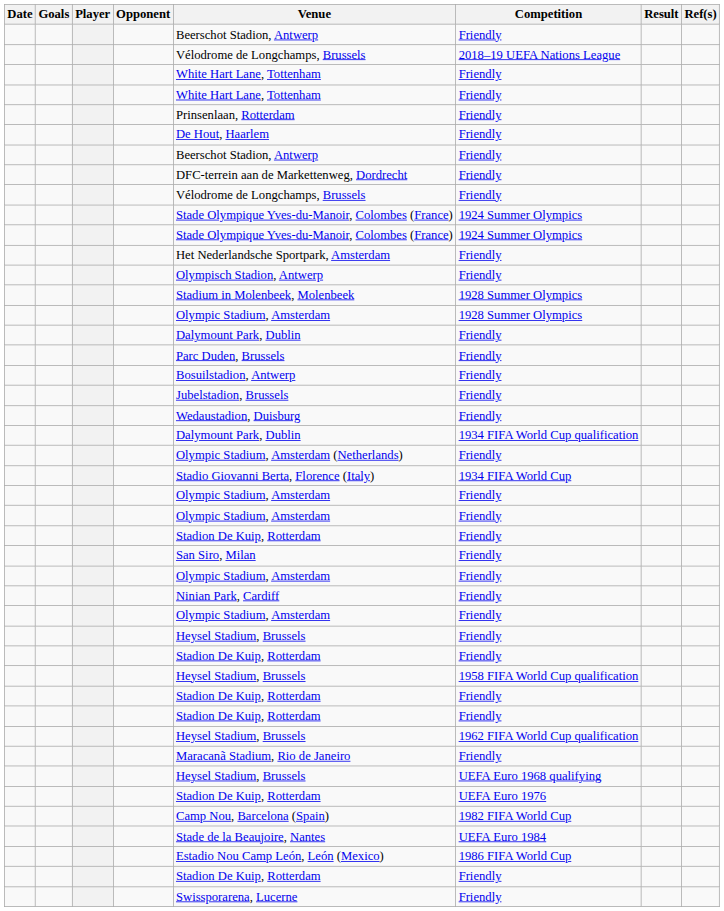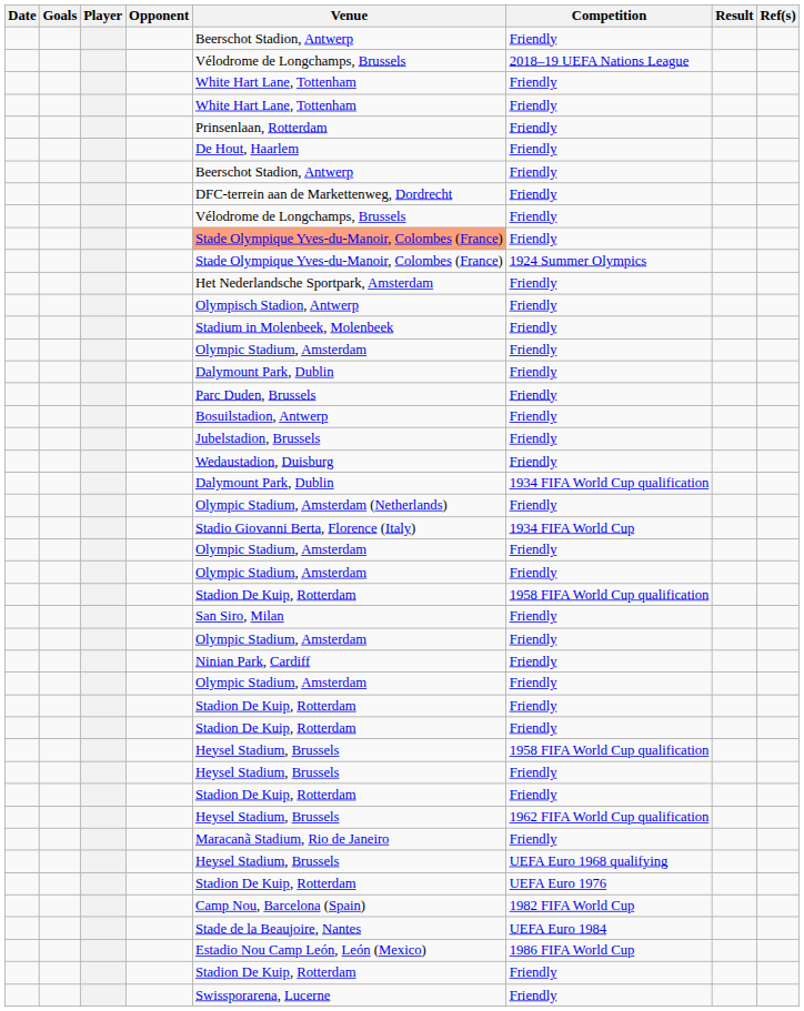 <table class="wikitable plainrowheaders sortable">
 <tr>
 <th scope="col">Date</th>
 <th scope="col">Goals</th>
 <th scope="col">Player</th>
 <th scope="col">Opponent</th>
 <th scope="col">Venue</th>
 <th scope="col">Competition</th>
 <th scope="col">Result </th>
 <th scope="col" class="unsortable">Ref(s)</th>
 </tr>
 <tr>
 <td></td>
 <td></td>
 <th scope="row"></th>
 <td></td>
 <td>Beerschot Stadion, <a href='#'>Antwerp</a></td>
 <td><a href='#'>Friendly</a></td>
 <td></td>
 <td></td>
 </tr>
 <tr>
 <td></td>
 <td></td>
 <th scope="row"></th>
 <td></td>
 <td>Vélodrome de Longchamps, <a href='#'>Brussels</a></td>
 <td><a href='#'>2018–19 UEFA Nations League</a></td>
 <td></td>
 <td></td>
 </tr>
 <tr>
 <td></td>
 <td></td>
 <th scope="row"></th>
 <td></td>
 <td><a href='#'>White Hart Lane</a>, <a href='#'>Tottenham</a></td>
 <td><a href='#'>Friendly</a></td>
 <td></td>
 <td></td>
 </tr>
 <tr>
 <td></td>
 <td></td>
 <th scope="row"></th>
 <td></td>
 <td><a href='#'>White Hart Lane</a>, <a href='#'>Tottenham</a></td>
 <td><a href='#'>Friendly</a></td>
 <td></td>
 <td></td>
 </tr>
 <tr>
 <td></td>
 <td></td>
 <th scope="row"></th>
 <td></td>
 <td>Prinsenlaan, <a href='#'>Rotterdam</a></td>
 <td><a href='#'>Friendly</a></td>
 <td></td>
 <td></td>
 </tr>
 <tr>
 <td></td>
 <td></td>
 <th scope="row"></th>
 <td></td>
 <td><a href='#'>De Hout</a>, <a href='#'>Haarlem</a></td>
 <td><a href='#'>Friendly</a></td>
 <td></td>
 <td></td>
 </tr>
 <tr>
 <td></td>
 <td></td>
 <th scope="row"></th>
 <td></td>
 <td>Beerschot Stadion, <a href='#'>Antwerp</a></td>
 <td><a href='#'>Friendly</a></td>
 <td></td>
 <td></td>
 </tr>
 <tr>
 <td></td>
 <td></td>
 <th scope="row"></th>
 <td></td>
 <td>DFC-terrein aan de Markettenweg, <a href='#'>Dordrecht</a></td>
 <td><a href='#'>Friendly</a></td>
 <td></td>
 <td></td>
 </tr>
 <tr>
 <td></td>
 <td></td>
 <th scope="row"></th>
 <td></td>
 <td>Vélodrome de Longchamps, <a href='#'>Brussels</a></td>
 <td><a href='#'>Friendly</a></td>
 <td></td>
 <td></td>
 </tr>
 <tr>
 <td></td>
 <td></td>
 <th scope="row"></th>
 <td></td>
-<td><a href='#'>Stade Olympique Yves-du-Manoir</a>, <a href='#'>Colombes</a> (<a href='#'>France</a>)</td>
-<td><a href='#'>1924 Summer Olympics</a></td>
+<td style="background: lightsalmon;"><a href='#'>Stade Olympique Yves-du-Manoir</a>, <a href='#'>Colombes</a> (<a href='#'>France</a>)</td>
+<td><a href='#'>Friendly</a></td>
 <td></td>
 <td></td>
 </tr>
 <tr>
 <td></td>
 <td></td>
 <th scope="row"></th>
 <td></td>
 <td><a href='#'>Stade Olympique Yves-du-Manoir</a>, <a href='#'>Colombes</a> (<a href='#'>France</a>)</td>
 <td><a href='#'>1924 Summer Olympics</a></td>
 <td></td>
 <td></td>
 </tr>
 <tr>
 <td></td>
 <td></td>
 <th scope="row"></th>
 <td></td>
 <td>Het Nederlandsche Sportpark, <a href='#'>Amsterdam</a></td>
 <td><a href='#'>Friendly</a></td>
 <td></td>
 <td></td>
 </tr>
 <tr>
 <td></td>
 <td></td>
 <th scope="row"></th>
 <td></td>
 <td><a href='#'>Olympisch Stadion</a>, <a href='#'>Antwerp</a></td>
 <td><a href='#'>Friendly</a></td>
 <td></td>
 <td></td>
 </tr>
 <tr>
 <td></td>
 <td></td>
 <th scope="row"></th>
 <td></td>
 <td><a href='#'>Stadium in Molenbeek</a>, <a href='#'>Molenbeek</a></td>
-<td><a href='#'>1928 Summer Olympics</a></td>
+<td><a href='#'>Friendly</a></td>
 <td></td>
 <td></td>
 </tr>
 <tr>
 <td></td>
 <td></td>
 <th scope="row"></th>
 <td></td>
 <td><a href='#'>Olympic Stadium</a>, <a href='#'>Amsterdam</a></td>
-<td><a href='#'>1928 Summer Olympics</a></td>
+<td><a href='#'>Friendly</a></td>
 <td></td>
 <td></td>
 </tr>
 <tr>
 <td></td>
 <td></td>
 <th scope="row"></th>
 <td></td>
 <td><a href='#'>Dalymount Park</a>, <a href='#'>Dublin</a></td>
 <td><a href='#'>Friendly</a></td>
 <td></td>
 <td></td>
 </tr>
 <tr>
 <td></td>
 <td></td>
 <th scope="row"></th>
 <td></td>
 <td><a href='#'>Parc Duden</a>, <a href='#'>Brussels</a></td>
 <td><a href='#'>Friendly</a></td>
 <td></td>
 <td></td>
 </tr>
 <tr>
 <td></td>
 <td></td>
 <th scope="row"></th>
 <td></td>
 <td><a href='#'>Bosuilstadion</a>, <a href='#'>Antwerp</a></td>
 <td><a href='#'>Friendly</a></td>
 <td></td>
 <td></td>
 </tr>
 <tr>
 <td></td>
 <td></td>
 <th scope="row"></th>
 <td></td>
 <td><a href='#'>Jubelstadion</a>, <a href='#'>Brussels</a></td>
 <td><a href='#'>Friendly</a></td>
 <td></td>
 <td></td>
 </tr>
 <tr>
 <td></td>
 <td></td>
 <th scope="row"></th>
 <td></td>
 <td><a href='#'>Wedaustadion</a>, <a href='#'>Duisburg</a></td>
 <td><a href='#'>Friendly</a></td>
 <td></td>
 <td></td>
 </tr>
 <tr>
 <td></td>
 <td></td>
 <th scope="row"></th>
 <td></td>
 <td><a href='#'>Dalymount Park</a>, <a href='#'>Dublin</a></td>
 <td><a href='#'>1934 FIFA World Cup qualification</a></td>
 <td></td>
 <td></td>
 </tr>
 <tr>
 <td></td>
 <td></td>
 <th scope="row"></th>
 <td></td>
 <td><a href='#'>Olympic Stadium</a>, <a href='#'>Amsterdam</a> (<a href='#'>Netherlands</a>)</td>
 <td><a href='#'>Friendly</a></td>
 <td></td>
 <td></td>
 </tr>
 <tr>
 <td></td>
 <td></td>
 <th scope="row"></th>
 <td></td>
 <td><a href='#'>Stadio Giovanni Berta</a>, <a href='#'>Florence</a> (<a href='#'>Italy</a>)</td>
 <td><a href='#'>1934 FIFA World Cup</a></td>
 <td></td>
 <td></td>
 </tr>
 <tr>
 <td></td>
 <td></td>
 <th scope="row"></th>
 <td></td>
 <td><a href='#'>Olympic Stadium</a>, <a href='#'>Amsterdam</a></td>
 <td><a href='#'>Friendly</a></td>
 <td></td>
 <td></td>
 </tr>
 <tr>
 <td></td>
 <td></td>
 <th scope="row"></th>
 <td></td>
 <td><a href='#'>Olympic Stadium</a>, <a href='#'>Amsterdam</a></td>
 <td><a href='#'>Friendly</a></td>
 <td></td>
 <td></td>
 </tr>
 <tr>
 <td></td>
 <td></td>
 <th scope="row"></th>
 <td></td>
 <td><a href='#'>Stadion De Kuip</a>, <a href='#'>Rotterdam</a></td>
-<td><a href='#'>Friendly</a></td>
+<td><a href='#'>1958 FIFA World Cup qualification</a></td>
 <td></td>
 <td></td>
 </tr>
 <tr>
 <td></td>
 <td></td>
 <th scope="row"></th>
 <td></td>
 <td><a href='#'>San Siro</a>, <a href='#'>Milan</a></td>
 <td><a href='#'>Friendly</a></td>
 <td></td>
 <td></td>
 </tr>
 <tr>
 <td></td>
 <td></td>
 <th scope="row"></th>
 <td></td>
 <td><a href='#'>Olympic Stadium</a>, <a href='#'>Amsterdam</a></td>
 <td><a href='#'>Friendly</a></td>
 <td></td>
 <td></td>
 </tr>
 <tr>
 <td></td>
 <td></td>
 <th scope="row"></th>
 <td></td>
 <td><a href='#'>Ninian Park</a>, <a href='#'>Cardiff</a></td>
 <td><a href='#'>Friendly</a></td>
 <td></td>
 <td></td>
 </tr>
 <tr>
 <td></td>
 <td></td>
 <th scope="row"></th>
 <td></td>
 <td><a href='#'>Olympic Stadium</a>, <a href='#'>Amsterdam</a></td>
 <td><a href='#'>Friendly</a></td>
 <td></td>
 <td></td>
 </tr>
 <tr>
 <td></td>
 <td></td>
 <th scope="row"></th>
 <td></td>
-<td><a href='#'>Heysel Stadium</a>, <a href='#'>Brussels</a></td>
+<td><a href='#'>Stadion De Kuip</a>, <a href='#'>Rotterdam</a></td>
 <td><a href='#'>Friendly</a></td>
 <td></td>
 <td></td>
 </tr>
 <tr>
 <td></td>
 <td></td>
 <th scope="row"></th>
 <td></td>
 <td><a href='#'>Stadion De Kuip</a>, <a href='#'>Rotterdam</a></td>
 <td><a href='#'>Friendly</a></td>
 <td></td>
 <td></td>
 </tr>
 <tr>
 <td></td>
 <td></td>
 <th scope="row"></th>
 <td></td>
 <td><a href='#'>Heysel Stadium</a>, <a href='#'>Brussels</a></td>
 <td><a href='#'>1958 FIFA World Cup qualification</a></td>
 <td></td>
 <td></td>
 </tr>
 <tr>
 <td></td>
 <td></td>
 <th scope="row"></th>
 <td></td>
-<td><a href='#'>Stadion De Kuip</a>, <a href='#'>Rotterdam</a></td>
+<td><a href='#'>Heysel Stadium</a>, <a href='#'>Brussels</a></td>
 <td><a href='#'>Friendly</a></td>
 <td></td>
 <td></td>
 </tr>
 <tr>
 <td></td>
 <td></td>
 <th scope="row"></th>
 <td></td>
 <td><a href='#'>Stadion De Kuip</a>, <a href='#'>Rotterdam</a></td>
 <td><a href='#'>Friendly</a></td>
 <td></td>
 <td></td>
 </tr>
 <tr>
 <td></td>
 <td></td>
 <th scope="row"></th>
 <td></td>
 <td><a href='#'>Heysel Stadium</a>, <a href='#'>Brussels</a></td>
 <td><a href='#'>1962 FIFA World Cup qualification</a></td>
 <td></td>
 <td></td>
 </tr>
 <tr>
 <td></td>
 <td></td>
 <th scope="row"></th>
 <td></td>
 <td><a href='#'>Maracanã Stadium</a>, <a href='#'>Rio de Janeiro</a></td>
 <td><a href='#'>Friendly</a></td>
 <td></td>
 <td></td>
 </tr>
 <tr>
 <td></td>
 <td></td>
 <th scope="row"></th>
 <td></td>
 <td><a href='#'>Heysel Stadium</a>, <a href='#'>Brussels</a></td>
 <td><a href='#'>UEFA Euro 1968 qualifying</a></td>
 <td></td>
 <td></td>
 </tr>
 <tr>
 <td></td>
 <td></td>
 <th scope="row"></th>
 <td></td>
 <td><a href='#'>Stadion De Kuip</a>, <a href='#'>Rotterdam</a></td>
 <td><a href='#'>UEFA Euro 1976</a></td>
 <td></td>
 <td></td>
 </tr>
 <tr>
 <td></td>
 <td></td>
 <th scope="row"></th>
 <td></td>
 <td><a href='#'>Camp Nou</a>, <a href='#'>Barcelona</a> (<a href='#'>Spain</a>)</td>
 <td><a href='#'>1982 FIFA World Cup</a></td>
 <td></td>
 <td></td>
 </tr>
 <tr>
 <td></td>
 <td></td>
 <th scope="row"></th>
 <td></td>
 <td><a href='#'>Stade de la Beaujoire</a>, <a href='#'>Nantes</a></td>
 <td><a href='#'>UEFA Euro 1984</a></td>
 <td></td>
 <td></td>
 </tr>
 <tr>
 <td></td>
 <td></td>
 <th scope="row"></th>
 <td></td>
 <td><a href='#'>Estadio Nou Camp León</a>, <a href='#'>León</a> (<a href='#'>Mexico</a>)</td>
 <td><a href='#'>1986 FIFA World Cup</a></td>
 <td></td>
 <td></td>
 </tr>
 <tr>
 <td></td>
 <td></td>
 <th scope="row"></th>
 <td></td>
 <td><a href='#'>Stadion De Kuip</a>, <a href='#'>Rotterdam</a></td>
 <td><a href='#'>Friendly</a></td>
 <td></td>
 <td></td>
 </tr>
 <tr>
 <td></td>
 <td></td>
 <th scope="row"></th>
 <td></td>
 <td><a href='#'>Swissporarena</a>, <a href='#'>Lucerne</a></td>
 <td><a href='#'>Friendly</a></td>
 <td></td>
 <td></td>
 </tr>
 </table>
